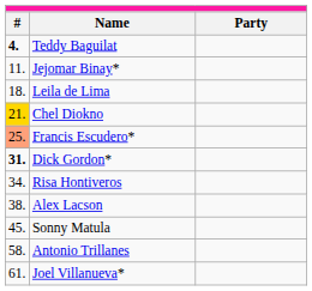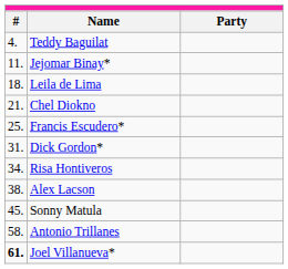 <table class=wikitable style="font-size:90%">
 <tr>
 <td colspan=4 bgcolor=#FE18A3></td>
 </tr>
 <tr>
 <th>#</th>
 <th width=55%>Name</th>
 <th colspan=2 width=110px>Party</th>
 </tr>
 <tr>
-<td><strong>4.</strong></td>
+<td>4.</td>
 <td><a href='#'>Teddy Baguilat</a></td>
 <td></td>
 </tr>
 <tr>
 <td>11.</td>
 <td><a href='#'>Jejomar Binay</a>*</td>
 <td></td>
 </tr>
 <tr>
 <td>18.</td>
 <td><a href='#'>Leila de Lima</a></td>
 <td></td>
 </tr>
 <tr>
-<td style="background: gold;">21.</td>
+<td>21.</td>
 <td><a href='#'>Chel Diokno</a></td>
 <td></td>
 </tr>
 <tr>
-<td style="background: lightsalmon;">25.</td>
+<td>25.</td>
 <td><a href='#'>Francis Escudero</a>*</td>
 <td></td>
 </tr>
 <tr>
-<td><strong>31.</strong></td>
+<td>31.</td>
 <td><a href='#'>Dick Gordon</a>*</td>
 <td></td>
 </tr>
 <tr>
 <td>34.</td>
 <td><a href='#'>Risa Hontiveros</a></td>
 <td></td>
 </tr>
 <tr>
 <td>38.</td>
 <td><a href='#'>Alex Lacson</a></td>
 <td></td>
 </tr>
 <tr>
 <td>45.</td>
 <td>Sonny Matula</td>
 <td></td>
 </tr>
 <tr>
 <td>58.</td>
 <td><a href='#'>Antonio Trillanes</a></td>
 <td></td>
 </tr>
 <tr>
-<td>61.</td>
+<td><strong>61.</strong></td>
 <td><a href='#'>Joel Villanueva</a>*</td>
 <td></td>
 </tr>
 </table>
